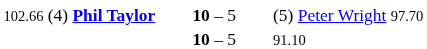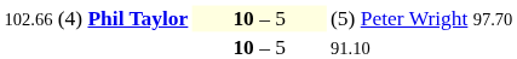 <table style="text-align:center">
 <tr>
 <th width=223></th>
 <th width=100></th>
 <th width=223></th>
 </tr>
 <tr>
 <td align=right><small><span>102.66</span></small> (4) <strong><a href='#'>Phil Taylor</a></strong> </td>
-<td><strong>10</strong> – 5</td>
+<td style="background: lightyellow;"><strong>10</strong> – 5</td>
 <td align=left>(5)  <a href='#'>Peter Wright</a> <small><span>97.70</span></small></td>
 </tr>
 <tr>
 <td align=right></td>
 <td><strong>10</strong> – 5</td>
 <td align=left> <small><span>91.10</span></small></td>
 </tr>
 </table>
